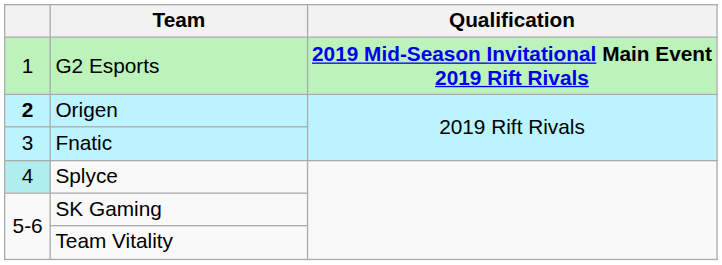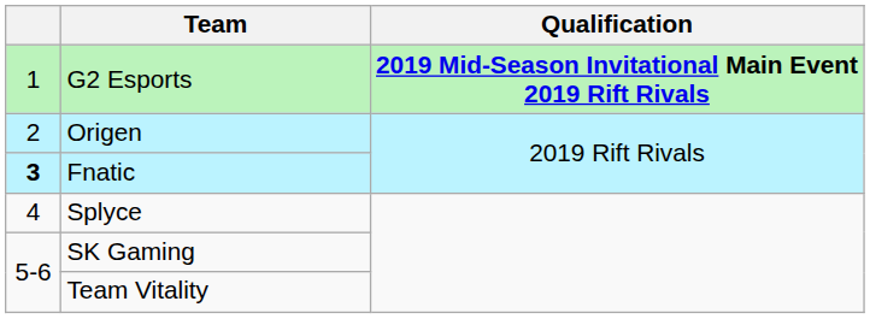 <table class="wikitable" style="text-align:center">
 <tr>
 <th width=28></th>
 <th width=190>Team</th>
 <th>Qualification</th>
 </tr>
 <tr style="background-color:#BBF3BB;">
 <td>1</td>
 <td style="text-align:left">G2 Esports</td>
 <td><strong><a href='#'>2019 Mid-Season Invitational</a> Main Event<br><a href='#'>2019 Rift Rivals</a></strong></td>
 </tr>
 <tr style="background-color:#BBF3FF;">
-<td><strong>2</strong></td>
+<td>2</td>
 <td style="text-align:left">Origen</td>
 <td rowspan="2">2019 Rift Rivals</td>
 </tr>
 <tr style="background-color:#BBF3FF;">
-<td>3</td>
+<td><strong>3</strong></td>
 <td style="text-align:left">Fnatic</td>
 </tr>
 <tr>
-<td style="background: paleturquoise;">4</td>
+<td>4</td>
 <td style="text-align:left">Splyce</td>
 </tr>
 <tr>
 <td rowspan="2">5-6</td>
 <td style="text-align:left">SK Gaming</td>
 </tr>
 <tr>
 <td style="text-align:left">Team Vitality</td>
 </tr>
 </table>
